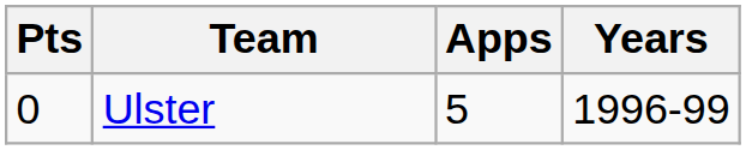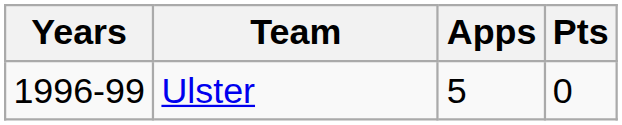 <table class="wikitable" style="text-align:left;">
 <tr>
-<th>Pts</th>
+<th>Years</th>
 <th width=120px>Team</th>
 <th>Apps</th>
-<th>Years</th>
+<th>Pts</th>
 </tr>
 <tr>
-<td>0</td>
+<td>1996-99</td>
 <td><a href='#'>Ulster</a></td>
 <td>5</td>
-<td>1996-99</td>
+<td>0</td>
 </tr>
 </table>
